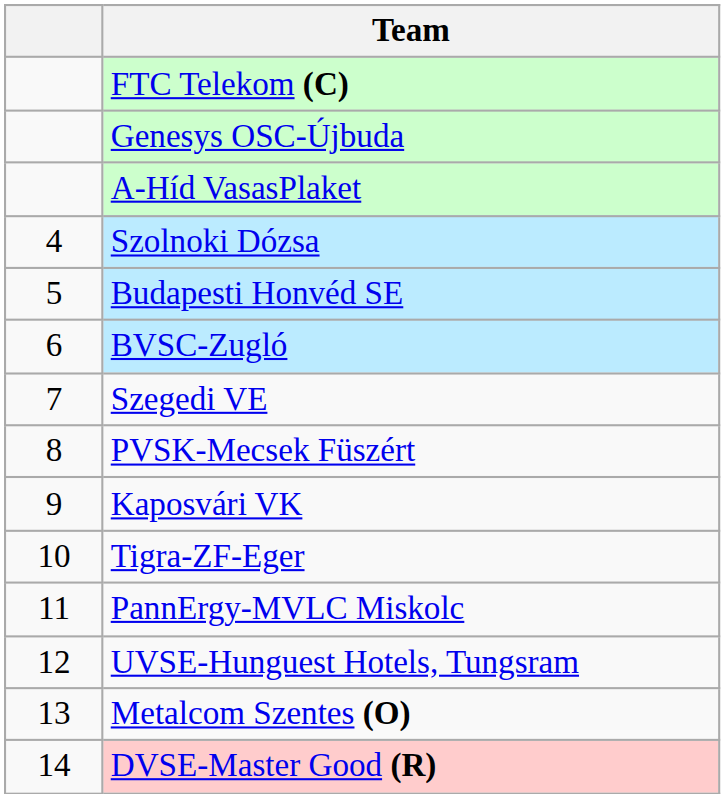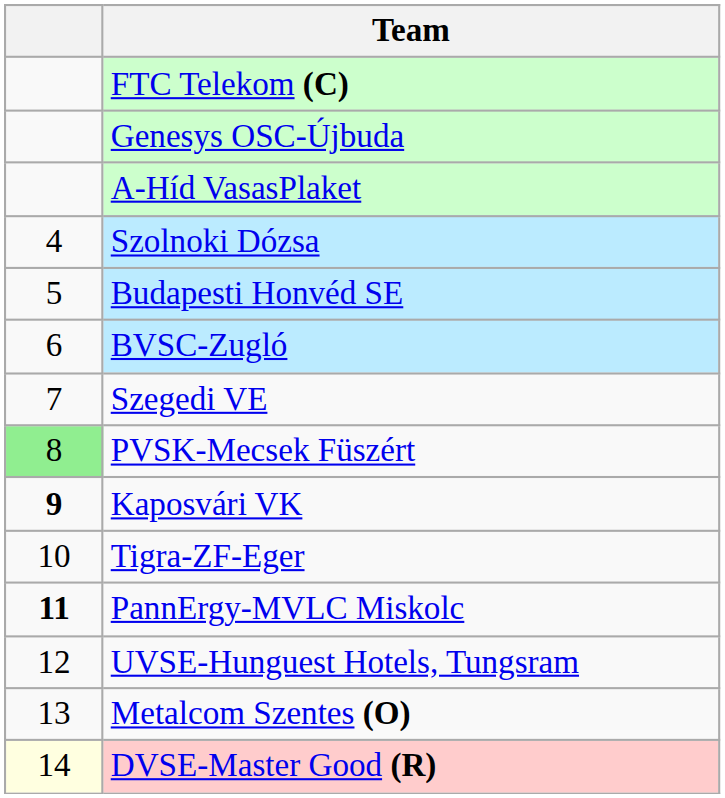 <table class="wikitable" style="text-align: center;">
 <tr>
 <th width=40></th>
 <th width=290>Team</th>
 </tr>
 <tr>
 <td></td>
 <td align=left bgcolor=#CCFFCC><a href='#'>FTC Telekom</a> <strong>(C)</strong></td>
 </tr>
 <tr>
 <td></td>
 <td align=left bgcolor=#CCFFCC><a href='#'>Genesys OSC-Újbuda</a></td>
 </tr>
 <tr>
 <td></td>
 <td align=left bgcolor=#CCFFCC><a href='#'>A-Híd VasasPlaket</a></td>
 </tr>
 <tr>
 <td>4</td>
 <td align=left bgcolor=#BBEBFF><a href='#'>Szolnoki Dózsa</a></td>
 </tr>
 <tr>
 <td>5</td>
 <td align=left bgcolor=#BBEBFF><a href='#'>Budapesti Honvéd SE</a></td>
 </tr>
 <tr>
 <td>6</td>
 <td align=left bgcolor=#BBEBFF><a href='#'>BVSC-Zugló</a></td>
 </tr>
 <tr>
 <td>7</td>
 <td align=left><a href='#'>Szegedi VE</a></td>
 </tr>
 <tr>
-<td>8</td>
+<td style="background: lightgreen;">8</td>
 <td align=left><a href='#'>PVSK-Mecsek Füszért</a></td>
 </tr>
 <tr>
-<td>9</td>
+<td><strong>9</strong></td>
 <td align=left><a href='#'>Kaposvári VK</a></td>
 </tr>
 <tr>
 <td>10</td>
 <td align=left><a href='#'>Tigra-ZF-Eger</a></td>
 </tr>
 <tr>
-<td>11</td>
+<td><strong>11</strong></td>
 <td align=left><a href='#'>PannErgy-MVLC Miskolc</a></td>
 </tr>
 <tr>
 <td>12</td>
 <td align=left><a href='#'>UVSE-Hunguest Hotels, Tungsram</a></td>
 </tr>
 <tr>
 <td>13</td>
 <td align=left><a href='#'>Metalcom Szentes</a> <strong>(O)</strong></td>
 </tr>
 <tr>
-<td>14</td>
+<td style="background: lightyellow;">14</td>
 <td align=left bgcolor=#FFCCCC><a href='#'>DVSE-Master Good</a> <strong>(R)</strong></td>
 </tr>
 </table>
